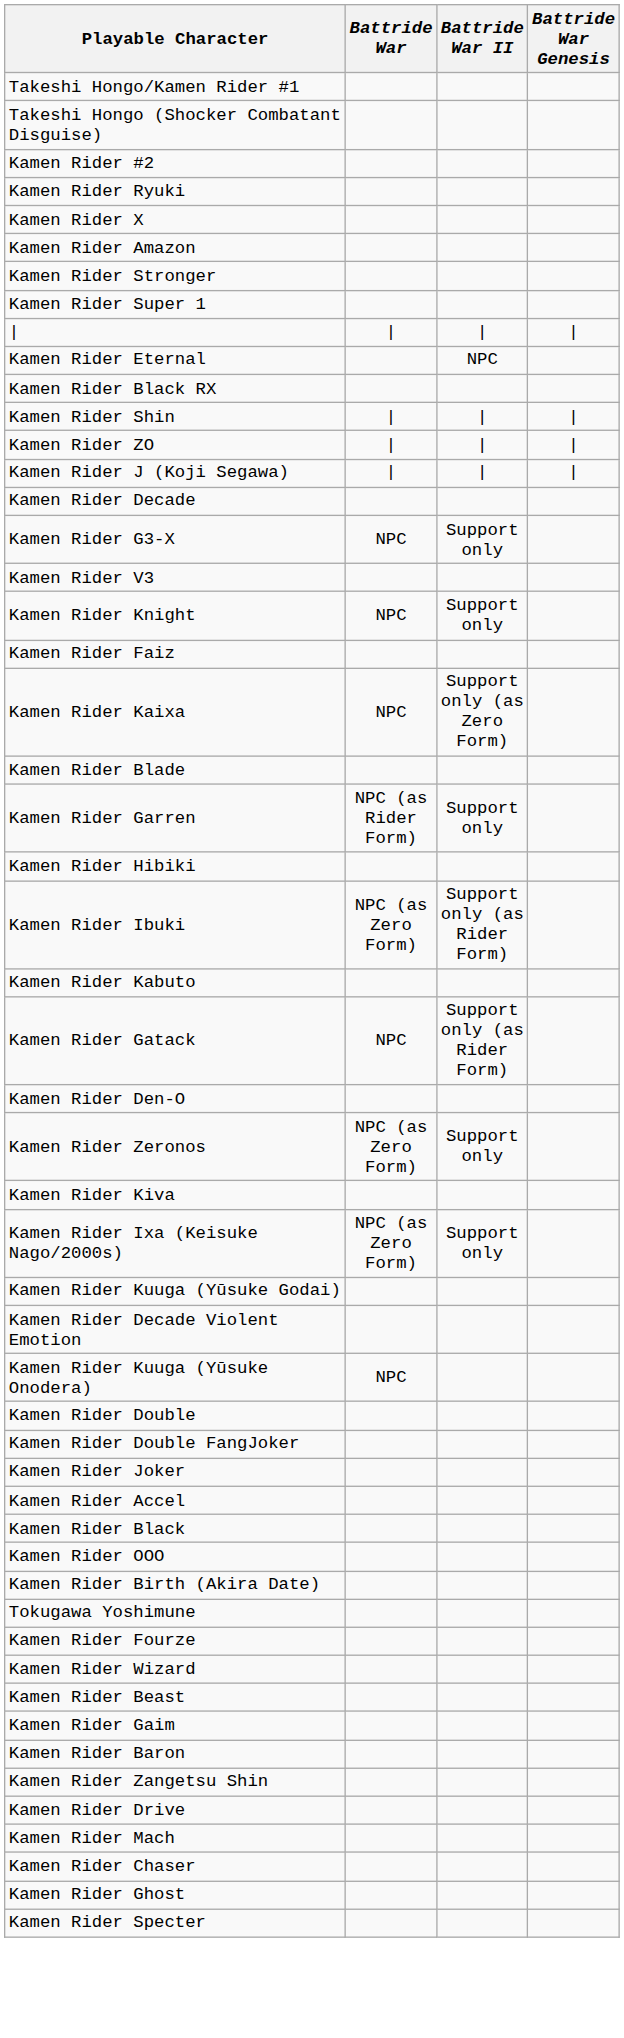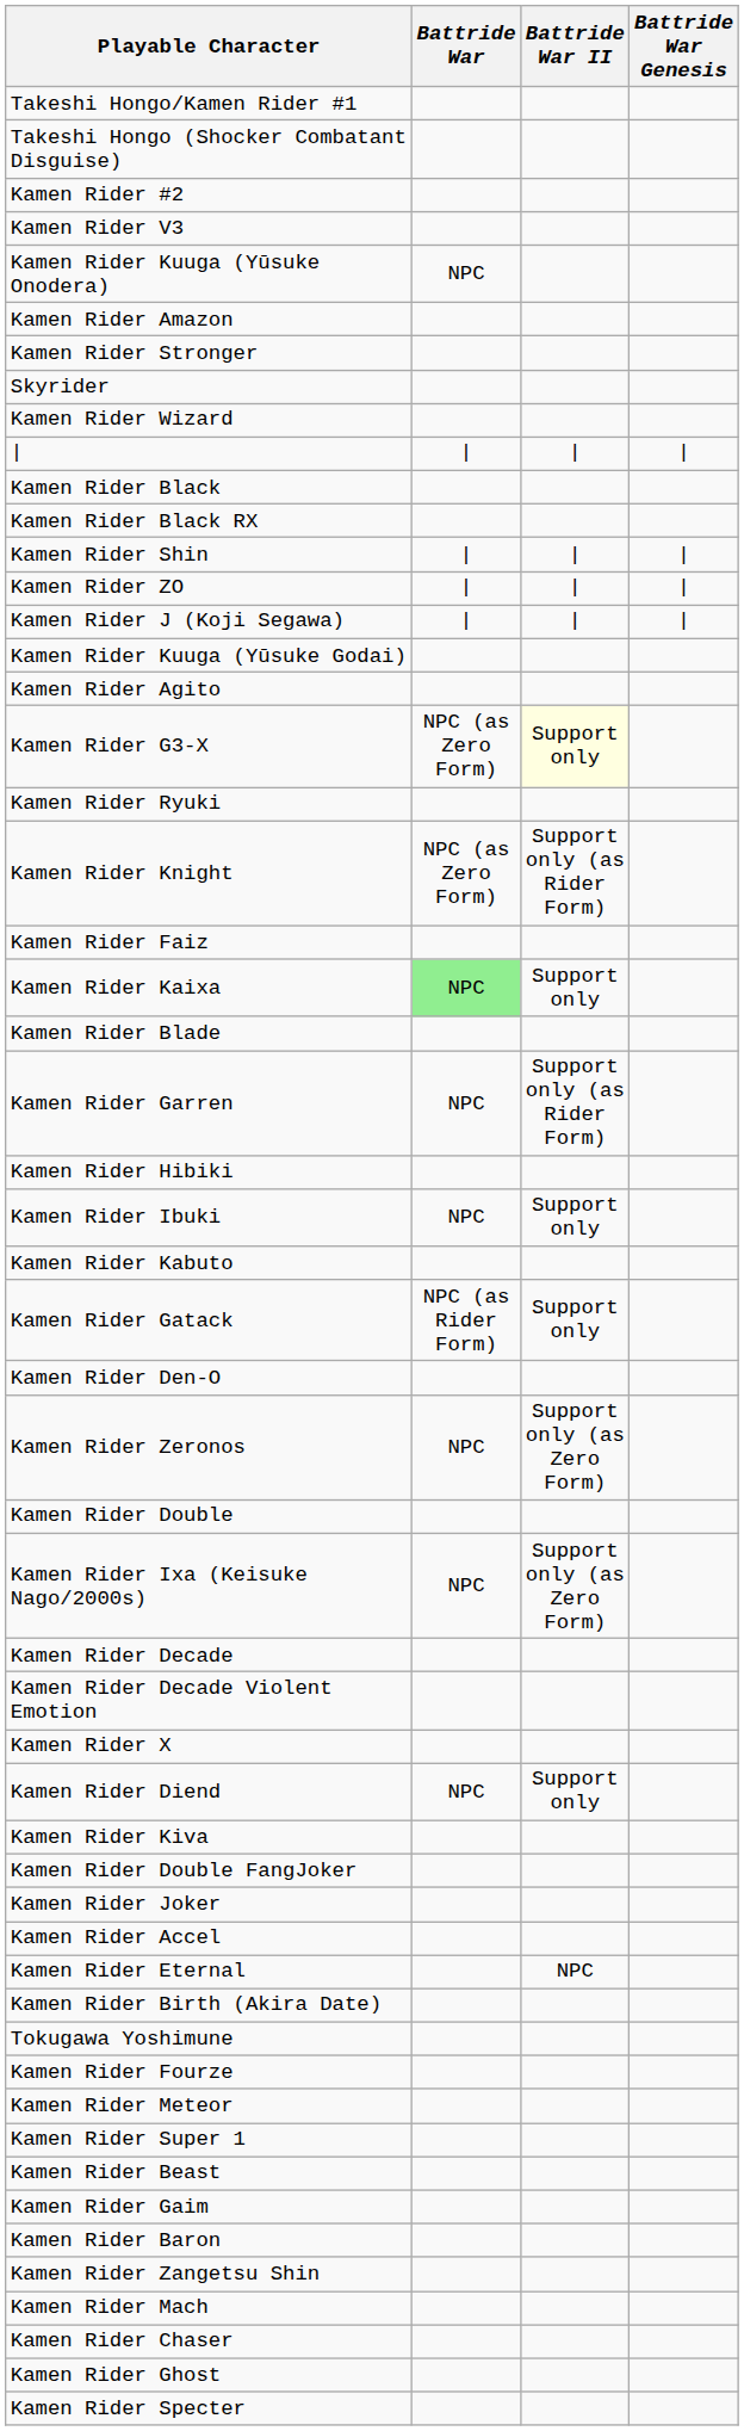 <table class="wikitable sortable">
 <tr>
 <th width=250>Playable Character</th>
 <th style="text-align:center; width:10px;"><em>Battride War</em></th>
 <th style="text-align:center; width:10px;"><em>Battride War II</em></th>
 <th style="text-align:center; width:10px;"><em>Battride War Genesis</em></th>
 </tr>
 <tr>
 <td>Takeshi Hongo/Kamen Rider #1</td>
 <td style="text-align:center;"></td>
 <td style="text-align:center;"></td>
 <td style="text-align:center;"></td>
 </tr>
 <tr>
 <td>Takeshi Hongo (Shocker Combatant Disguise)</td>
 <td style="text-align:center;"></td>
 <td style="text-align:center;"></td>
 <td style="text-align:center;"></td>
 </tr>
 <tr>
 <td>Kamen Rider #2</td>
 <td style="text-align:center;"></td>
 <td style="text-align:center;"></td>
 <td style="text-align:center;"></td>
 </tr>
 <tr>
-<td>Kamen Rider Ryuki</td>
+<td>Kamen Rider V3</td>
 <td style="text-align:center;"></td>
 <td style="text-align:center;"></td>
 <td style="text-align:center;"></td>
 </tr>
 <tr>
-<td>Kamen Rider X</td>
-<td style="text-align:center;"></td>
+<td>Kamen Rider Kuuga (Yūsuke Onodera)</td>
+<td style="text-align:center;">NPC</td>
 <td style="text-align:center;"></td>
 <td style="text-align:center;"></td>
 </tr>
 <tr>
 <td>Kamen Rider Amazon</td>
 <td style="text-align:center;"></td>
 <td style="text-align:center;"></td>
 <td style="text-align:center;"></td>
 </tr>
 <tr>
 <td>Kamen Rider Stronger</td>
 <td style="text-align:center;"></td>
 <td style="text-align:center;"></td>
 <td style="text-align:center;"></td>
 </tr>
 <tr>
-<td>Kamen Rider Super 1</td>
+<td>Skyrider</td>
+<td style="text-align:center;"></td>
+<td style="text-align:center;"></td>
+<td style="text-align:center;"></td>
+</tr>
+<tr>
+<td>Kamen Rider Wizard</td>
 <td style="text-align:center;"></td>
 <td style="text-align:center;"></td>
 <td style="text-align:center;"></td>
 </tr>
 <tr>
 <td Kamen Rider ZX (Ryo Murasame)>|</td>
 <td style="text-align:center;">|</td>
 <td style="text-align:center;">|</td>
 <td style="text-align:center;">|</td>
 </tr>
 <tr>
-<td>Kamen Rider Eternal</td>
+<td>Kamen Rider Black</td>
 <td style="text-align:center;"></td>
-<td style="text-align:center;">NPC</td>
+<td style="text-align:center;"></td>
 <td style="text-align:center;"></td>
 </tr>
 <tr>
 <td>Kamen Rider Black RX</td>
 <td style="text-align:center;"></td>
 <td style="text-align:center;"></td>
 <td style="text-align:center;"></td>
 </tr>
 <tr>
 <td>Kamen Rider Shin</td>
 <td Style="text-align:center;">|</td>
 <td style="text-align:center;">|</td>
 <td style="text-align:center;">|</td>
 </tr>
 <tr>
 <td>Kamen Rider ZO</td>
 <td style="text-align:center;">|</td>
 <td style="text-align:center;">|</td>
 <td style="text-align:center;">|</td>
 </tr>
 <tr>
 <td>Kamen Rider J (Koji Segawa)</td>
 <td style="text-align:center;">|</td>
 <td style="text-align:center;">|</td>
 <td style="text-align:center;">|</td>
 </tr>
 <tr>
-<td>Kamen Rider Decade</td>
+<td>Kamen Rider Kuuga (Yūsuke Godai)</td>
+<td style="text-align:center;"></td>
+<td style="text-align:center;"></td>
+<td style="text-align:center;"></td>
+</tr>
+<tr>
+<td>Kamen Rider Agito</td>
 <td style="text-align:center;"></td>
 <td style="text-align:center;"></td>
 <td style="text-align:center;"></td>
 </tr>
 <tr>
 <td>Kamen Rider G3-X</td>
-<td style="text-align:center;">NPC</td>
-<td style="text-align:center;">Support only</td>
+<td style="text-align:center;">NPC (as Zero Form)</td>
+<td style="background: lightyellow; text-align:center;">Support only</td>
 <td style="text-align:center;"></td>
 </tr>
 <tr>
-<td>Kamen Rider V3</td>
+<td>Kamen Rider Ryuki</td>
 <td style="text-align:center;"></td>
 <td style="text-align:center;"></td>
 <td style="text-align:center;"></td>
 </tr>
 <tr>
 <td>Kamen Rider Knight</td>
-<td style="text-align:center;">NPC</td>
-<td style="text-align:center;">Support only</td>
+<td style="text-align:center;">NPC (as Zero Form)</td>
+<td style="text-align:center;">Support only (as Rider Form)</td>
 <td style="text-align:center;"></td>
 </tr>
 <tr>
 <td>Kamen Rider Faiz</td>
 <td style="text-align:center;"></td>
 <td style="text-align:center;"></td>
 <td style="text-align:center;"></td>
 </tr>
 <tr>
 <td>Kamen Rider Kaixa</td>
-<td style="text-align:center;">NPC</td>
-<td style="text-align:center;">Support only (as Zero Form)</td>
+<td style="background: lightgreen; text-align:center;">NPC</td>
+<td style="text-align:center;">Support only</td>
 <td style="text-align:center;"></td>
 </tr>
 <tr>
 <td>Kamen Rider Blade</td>
 <td style="text-align:center;"></td>
 <td style="text-align:center;"></td>
 <td style="text-align:center;"></td>
 </tr>
 <tr>
 <td>Kamen Rider Garren</td>
-<td style="text-align:center;">NPC (as Rider Form)</td>
-<td style="text-align:center;">Support only</td>
+<td style="text-align:center;">NPC</td>
+<td style="text-align:center;">Support only (as Rider Form)</td>
 <td style="text-align:center;"></td>
 </tr>
 <tr>
 <td>Kamen Rider Hibiki</td>
 <td style="text-align:center;"></td>
 <td style="text-align:center;"></td>
 <td style="text-align:center;"></td>
 </tr>
 <tr>
 <td>Kamen Rider Ibuki</td>
-<td style="text-align:center;">NPC (as Zero Form)</td>
-<td style="text-align:center;">Support only (as Rider Form)</td>
+<td style="text-align:center;">NPC</td>
+<td style="text-align:center;">Support only</td>
 <td style="text-align:center;"></td>
 </tr>
 <tr>
 <td>Kamen Rider Kabuto</td>
 <td style="text-align:center;"></td>
 <td style="text-align:center;"></td>
 <td style="text-align:center;"></td>
 </tr>
 <tr>
 <td>Kamen Rider Gatack</td>
-<td style="text-align:center;">NPC</td>
-<td style="text-align:center;">Support only (as Rider Form)</td>
+<td style="text-align:center;">NPC (as Rider Form)</td>
+<td style="text-align:center;">Support only</td>
 <td style="text-align:center;"></td>
 </tr>
 <tr>
 <td>Kamen Rider Den-O</td>
 <td style="text-align:center;"></td>
 <td style="text-align:center;"></td>
 <td style="text-align:center;"></td>
 </tr>
 <tr>
 <td>Kamen Rider Zeronos</td>
-<td style="text-align:center;">NPC (as Zero Form)</td>
-<td style="text-align:center;">Support only</td>
+<td style="text-align:center;">NPC</td>
+<td style="text-align:center;">Support only (as Zero Form)</td>
 <td style="text-align:center;"></td>
 </tr>
 <tr>
-<td>Kamen Rider Kiva</td>
+<td>Kamen Rider Double</td>
 <td style="text-align:center;"></td>
 <td style="text-align:center;"></td>
 <td style="text-align:center;"></td>
 </tr>
 <tr>
 <td>Kamen Rider Ixa (Keisuke Nago/2000s)</td>
-<td style="text-align:center;">NPC (as Zero Form)</td>
-<td style="text-align:center;">Support only</td>
+<td style="text-align:center;">NPC</td>
+<td style="text-align:center;">Support only (as Zero Form)</td>
 <td style="text-align:center;"></td>
 </tr>
 <tr>
-<td>Kamen Rider Kuuga (Yūsuke Godai)</td>
+<td>Kamen Rider Decade</td>
 <td style="text-align:center;"></td>
 <td style="text-align:center;"></td>
 <td style="text-align:center;"></td>
 </tr>
 <tr>
 <td>Kamen Rider Decade Violent Emotion</td>
 <td style="text-align:center;"></td>
 <td style="text-align:center;"></td>
 <td style="text-align:center;"></td>
 </tr>
 <tr>
-<td>Kamen Rider Kuuga (Yūsuke Onodera)</td>
-<td style="text-align:center;">NPC</td>
+<td>Kamen Rider X</td>
+<td style="text-align:center;"></td>
 <td style="text-align:center;"></td>
 <td style="text-align:center;"></td>
 </tr>
 <tr>
-<td>Kamen Rider Double</td>
+<td>Kamen Rider Diend</td>
+<td style="text-align:center;">NPC</td>
+<td style="text-align:center;">Support only</td>
+<td style="text-align:center;"></td>
+</tr>
+<tr>
+<td>Kamen Rider Kiva</td>
 <td style="text-align:center;"></td>
 <td style="text-align:center;"></td>
 <td style="text-align:center;"></td>
 </tr>
 <tr>
 <td>Kamen Rider Double FangJoker</td>
 <td style="text-align:center;"></td>
 <td style="text-align:center;"></td>
 <td style="text-align:center;"></td>
 </tr>
 <tr>
 <td>Kamen Rider Joker</td>
 <td style="text-align:center;"></td>
 <td style="text-align:center;"></td>
 <td style="text-align:center;"></td>
 </tr>
 <tr>
 <td>Kamen Rider Accel</td>
 <td style="text-align:center;"></td>
 <td style="text-align:center;"></td>
 <td style="text-align:center;"></td>
 </tr>
 <tr>
-<td>Kamen Rider Black</td>
+<td>Kamen Rider Eternal</td>
 <td style="text-align:center;"></td>
-<td style="text-align:center;"></td>
-<td style="text-align:center;"></td>
-</tr>
-<tr>
-<td>Kamen Rider OOO</td>
-<td style="text-align:center;"></td>
-<td style="text-align:center;"></td>
+<td style="text-align:center;">NPC</td>
 <td style="text-align:center;"></td>
 </tr>
 <tr>
 <td>Kamen Rider Birth (Akira Date)</td>
 <td style="text-align:center;"></td>
 <td style="text-align:center;"></td>
 <td style="text-align:center;"></td>
 </tr>
 <tr>
 <td>Tokugawa Yoshimune</td>
 <td style="text-align:center;"></td>
 <td style="text-align:center;"></td>
 <td style="text-align:center;"></td>
 </tr>
 <tr>
 <td>Kamen Rider Fourze</td>
 <td style="text-align:center;"></td>
 <td style="text-align:center;"></td>
 <td style="text-align:center;"></td>
 </tr>
 <tr>
-<td>Kamen Rider Wizard</td>
+<td>Kamen Rider Meteor</td>
+<td style="text-align:center;"></td>
+<td style="text-align:center;"></td>
+<td style="text-align:center;"></td>
+</tr>
+<tr>
+<td>Kamen Rider Super 1</td>
 <td style="text-align:center;"></td>
 <td style="text-align:center;"></td>
 <td style="text-align:center;"></td>
 </tr>
 <tr>
 <td>Kamen Rider Beast</td>
 <td style="text-align:center;"></td>
 <td style="text-align:center;"></td>
 <td style="text-align:center;"></td>
 </tr>
 <tr>
 <td>Kamen Rider Gaim</td>
 <td style="text-align:center;"></td>
 <td style="text-align:center;"></td>
 <td style="text-align:center;"></td>
 </tr>
 <tr>
 <td>Kamen Rider Baron</td>
 <td style="text-align:center;"></td>
 <td style="text-align:center;"></td>
 <td style="text-align:center;"></td>
 </tr>
 <tr>
 <td>Kamen Rider Zangetsu Shin</td>
 <td style="text-align:center;"></td>
 <td style="text-align:center;"></td>
 <td style="text-align:center;"></td>
 </tr>
 <tr>
-<td>Kamen Rider Drive</td>
-<td style="text-align:center;"></td>
-<td style="text-align:center;"></td>
-<td style="text-align:center;"></td>
-</tr>
-<tr>
 <td>Kamen Rider Mach</td>
 <td style="text-align:center;"></td>
 <td style="text-align:center;"></td>
 <td style="text-align:center;"></td>
 </tr>
 <tr>
 <td>Kamen Rider Chaser</td>
 <td style="text-align:center;"></td>
 <td style="text-align:center;"></td>
 <td style="text-align:center;"></td>
 </tr>
 <tr>
 <td>Kamen Rider Ghost</td>
 <td style="text-align:center;"></td>
 <td style="text-align:center;"></td>
 <td style="text-align:center;"></td>
 </tr>
 <tr>
 <td>Kamen Rider Specter</td>
 <td style="text-align:center;"></td>
 <td style="text-align:center;"></td>
 <td style="text-align:center;"></td>
 </tr>
 </table>
